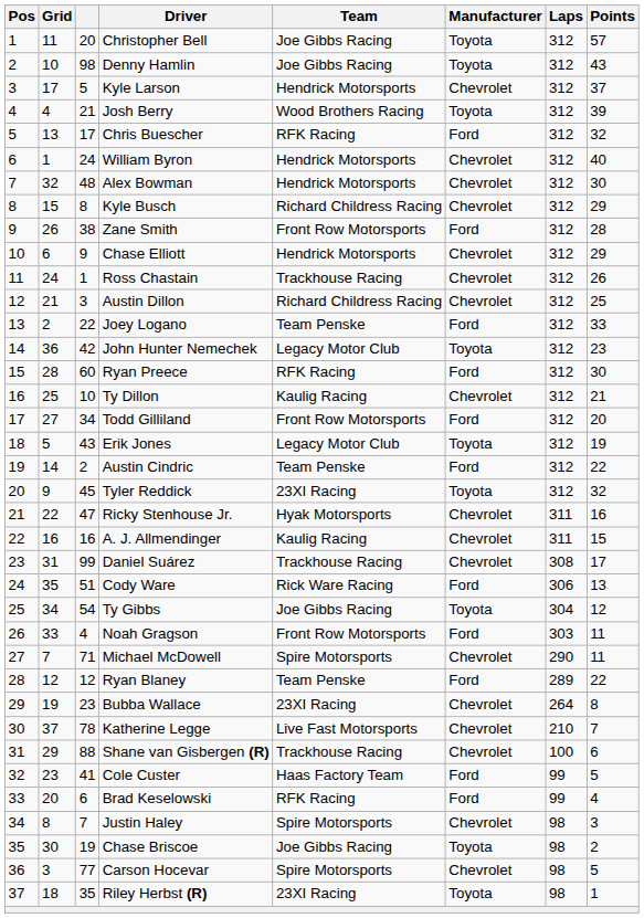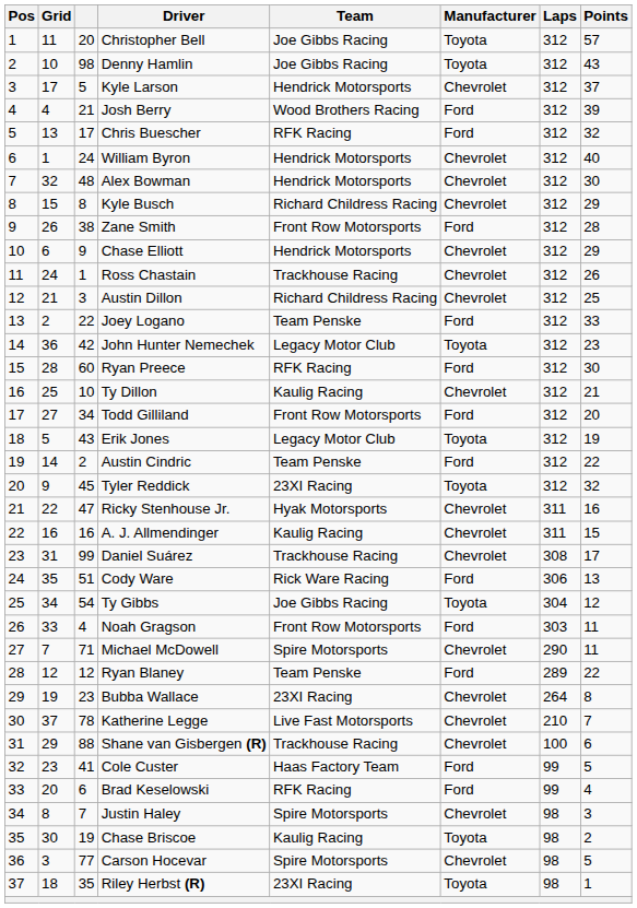 <table class="wikitable" style="font-size:98%">
 <tr>
 <th>Pos</th>
 <th>Grid</th>
 <th></th>
 <th>Driver</th>
 <th>Team</th>
 <th>Manufacturer</th>
 <th>Laps</th>
 <th>Points</th>
 </tr>
 <tr>
 <td>1</td>
 <td>11</td>
 <td>20</td>
 <td>Christopher Bell</td>
 <td>Joe Gibbs Racing</td>
 <td>Toyota</td>
 <td>312</td>
 <td>57</td>
 </tr>
 <tr>
 <td>2</td>
 <td>10</td>
 <td>98</td>
 <td>Denny Hamlin</td>
 <td>Joe Gibbs Racing</td>
 <td>Toyota</td>
 <td>312</td>
 <td>43</td>
 </tr>
 <tr>
 <td>3</td>
 <td>17</td>
 <td>5</td>
 <td>Kyle Larson</td>
 <td>Hendrick Motorsports</td>
 <td>Chevrolet</td>
 <td>312</td>
 <td>37</td>
 </tr>
 <tr>
 <td>4</td>
 <td>4</td>
 <td>21</td>
 <td>Josh Berry</td>
 <td>Wood Brothers Racing</td>
-<td>Toyota</td>
+<td>Ford</td>
 <td>312</td>
 <td>39</td>
 </tr>
 <tr>
 <td>5</td>
 <td>13</td>
 <td>17</td>
 <td>Chris Buescher</td>
 <td>RFK Racing</td>
 <td>Ford</td>
 <td>312</td>
 <td>32</td>
 </tr>
 <tr>
 <td>6</td>
 <td>1</td>
 <td>24</td>
 <td>William Byron</td>
 <td>Hendrick Motorsports</td>
 <td>Chevrolet</td>
 <td>312</td>
 <td>40</td>
 </tr>
 <tr>
 <td>7</td>
 <td>32</td>
 <td>48</td>
 <td>Alex Bowman</td>
 <td>Hendrick Motorsports</td>
 <td>Chevrolet</td>
 <td>312</td>
 <td>30</td>
 </tr>
 <tr>
 <td>8</td>
 <td>15</td>
 <td>8</td>
 <td>Kyle Busch</td>
 <td>Richard Childress Racing</td>
 <td>Chevrolet</td>
 <td>312</td>
 <td>29</td>
 </tr>
 <tr>
 <td>9</td>
 <td>26</td>
 <td>38</td>
 <td>Zane Smith</td>
 <td>Front Row Motorsports</td>
 <td>Ford</td>
 <td>312</td>
 <td>28</td>
 </tr>
 <tr>
 <td>10</td>
 <td>6</td>
 <td>9</td>
 <td>Chase Elliott</td>
 <td>Hendrick Motorsports</td>
 <td>Chevrolet</td>
 <td>312</td>
 <td>29</td>
 </tr>
 <tr>
 <td>11</td>
 <td>24</td>
 <td>1</td>
 <td>Ross Chastain</td>
 <td>Trackhouse Racing</td>
 <td>Chevrolet</td>
 <td>312</td>
 <td>26</td>
 </tr>
 <tr>
 <td>12</td>
 <td>21</td>
 <td>3</td>
 <td>Austin Dillon</td>
 <td>Richard Childress Racing</td>
 <td>Chevrolet</td>
 <td>312</td>
 <td>25</td>
 </tr>
 <tr>
 <td>13</td>
 <td>2</td>
 <td>22</td>
 <td>Joey Logano</td>
 <td>Team Penske</td>
 <td>Ford</td>
 <td>312</td>
 <td>33</td>
 </tr>
 <tr>
 <td>14</td>
 <td>36</td>
 <td>42</td>
 <td>John Hunter Nemechek</td>
 <td>Legacy Motor Club</td>
 <td>Toyota</td>
 <td>312</td>
 <td>23</td>
 </tr>
 <tr>
 <td>15</td>
 <td>28</td>
 <td>60</td>
 <td>Ryan Preece</td>
 <td>RFK Racing</td>
 <td>Ford</td>
 <td>312</td>
 <td>30</td>
 </tr>
 <tr>
 <td>16</td>
 <td>25</td>
 <td>10</td>
 <td>Ty Dillon</td>
 <td>Kaulig Racing</td>
 <td>Chevrolet</td>
 <td>312</td>
 <td>21</td>
 </tr>
 <tr>
 <td>17</td>
 <td>27</td>
 <td>34</td>
 <td>Todd Gilliland</td>
 <td>Front Row Motorsports</td>
 <td>Ford</td>
 <td>312</td>
 <td>20</td>
 </tr>
 <tr>
 <td>18</td>
 <td>5</td>
 <td>43</td>
 <td>Erik Jones</td>
 <td>Legacy Motor Club</td>
 <td>Toyota</td>
 <td>312</td>
 <td>19</td>
 </tr>
 <tr>
 <td>19</td>
 <td>14</td>
 <td>2</td>
 <td>Austin Cindric</td>
 <td>Team Penske</td>
 <td>Ford</td>
 <td>312</td>
 <td>22</td>
 </tr>
 <tr>
 <td>20</td>
 <td>9</td>
 <td>45</td>
 <td>Tyler Reddick</td>
 <td>23XI Racing</td>
 <td>Toyota</td>
 <td>312</td>
 <td>32</td>
 </tr>
 <tr>
 <td>21</td>
 <td>22</td>
 <td>47</td>
 <td>Ricky Stenhouse Jr.</td>
 <td>Hyak Motorsports</td>
 <td>Chevrolet</td>
 <td>311</td>
 <td>16</td>
 </tr>
 <tr>
 <td>22</td>
 <td>16</td>
 <td>16</td>
 <td>A. J. Allmendinger</td>
 <td>Kaulig Racing</td>
 <td>Chevrolet</td>
 <td>311</td>
 <td>15</td>
 </tr>
 <tr>
 <td>23</td>
 <td>31</td>
 <td>99</td>
 <td>Daniel Suárez</td>
 <td>Trackhouse Racing</td>
 <td>Chevrolet</td>
 <td>308</td>
 <td>17</td>
 </tr>
 <tr>
 <td>24</td>
 <td>35</td>
 <td>51</td>
 <td>Cody Ware</td>
 <td>Rick Ware Racing</td>
 <td>Ford</td>
 <td>306</td>
 <td>13</td>
 </tr>
 <tr>
 <td>25</td>
 <td>34</td>
 <td>54</td>
 <td>Ty Gibbs</td>
 <td>Joe Gibbs Racing</td>
 <td>Toyota</td>
 <td>304</td>
 <td>12</td>
 </tr>
 <tr>
 <td>26</td>
 <td>33</td>
 <td>4</td>
 <td>Noah Gragson</td>
 <td>Front Row Motorsports</td>
 <td>Ford</td>
 <td>303</td>
 <td>11</td>
 </tr>
 <tr>
 <td>27</td>
 <td>7</td>
 <td>71</td>
 <td>Michael McDowell</td>
 <td>Spire Motorsports</td>
 <td>Chevrolet</td>
 <td>290</td>
 <td>11</td>
 </tr>
 <tr>
 <td>28</td>
 <td>12</td>
 <td>12</td>
 <td>Ryan Blaney</td>
 <td>Team Penske</td>
 <td>Ford</td>
 <td>289</td>
 <td>22</td>
 </tr>
 <tr>
 <td>29</td>
 <td>19</td>
 <td>23</td>
 <td>Bubba Wallace</td>
 <td>23XI Racing</td>
 <td>Chevrolet</td>
 <td>264</td>
 <td>8</td>
 </tr>
 <tr>
 <td>30</td>
 <td>37</td>
 <td>78</td>
 <td>Katherine Legge</td>
 <td>Live Fast Motorsports</td>
 <td>Chevrolet</td>
 <td>210</td>
 <td>7</td>
 </tr>
 <tr>
 <td>31</td>
 <td>29</td>
 <td>88</td>
 <td>Shane van Gisbergen <strong>(R)</strong></td>
 <td>Trackhouse Racing</td>
 <td>Chevrolet</td>
 <td>100</td>
 <td>6</td>
 </tr>
 <tr>
 <td>32</td>
 <td>23</td>
 <td>41</td>
 <td>Cole Custer</td>
 <td>Haas Factory Team</td>
 <td>Ford</td>
 <td>99</td>
 <td>5</td>
 </tr>
 <tr>
 <td>33</td>
 <td>20</td>
 <td>6</td>
 <td>Brad Keselowski</td>
 <td>RFK Racing</td>
 <td>Ford</td>
 <td>99</td>
 <td>4</td>
 </tr>
 <tr>
 <td>34</td>
 <td>8</td>
 <td>7</td>
 <td>Justin Haley</td>
 <td>Spire Motorsports</td>
 <td>Chevrolet</td>
 <td>98</td>
 <td>3</td>
 </tr>
 <tr>
 <td>35</td>
 <td>30</td>
 <td>19</td>
 <td>Chase Briscoe</td>
-<td>Joe Gibbs Racing</td>
+<td>Kaulig Racing</td>
 <td>Toyota</td>
 <td>98</td>
 <td>2</td>
 </tr>
 <tr>
 <td>36</td>
 <td>3</td>
 <td>77</td>
 <td>Carson Hocevar</td>
 <td>Spire Motorsports</td>
 <td>Chevrolet</td>
 <td>98</td>
 <td>5</td>
 </tr>
 <tr>
 <td>37</td>
 <td>18</td>
 <td>35</td>
 <td>Riley Herbst <strong>(R)</strong></td>
 <td>23XI Racing</td>
 <td>Toyota</td>
 <td>98</td>
 <td>1</td>
 </tr>
 <tr>
 <th colspan="8"></th>
 </tr>
 </table>
